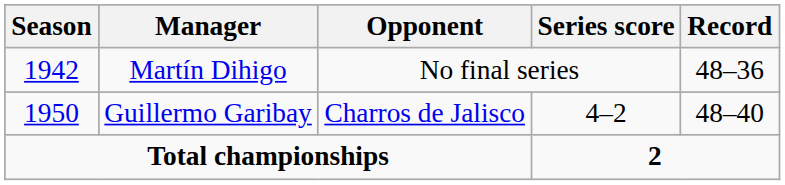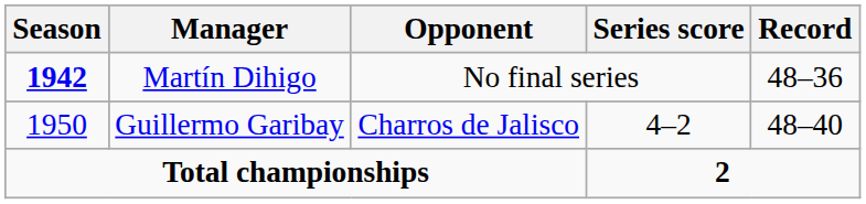 <table class="wikitable plainrowheaders sortable" style="text-align:center;">
 <tr>
 <th scope="col">Season</th>
 <th scope="col">Manager</th>
 <th scope="col">Opponent</th>
 <th scope="col">Series score</th>
 <th scope="col">Record</th>
 </tr>
 <tr>
-<td><a href='#'>1942</a></td>
+<td><strong><a href='#'>1942</a></strong></td>
 <td><a href='#'>Martín Dihigo</a></td>
 <td colspan=2>No final series</td>
 <td>48–36</td>
 </tr>
 <tr>
 <td><a href='#'>1950</a></td>
 <td><a href='#'>Guillermo Garibay</a></td>
 <td><a href='#'>Charros de Jalisco</a></td>
 <td>4–2</td>
 <td>48–40</td>
 </tr>
 <tr style="text-align:center; ">
 <td colspan="3"><strong>Total championships</strong></td>
 <td colspan="2"><strong>2</strong></td>
 </tr>
 </table>
